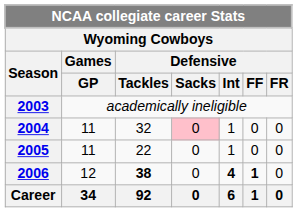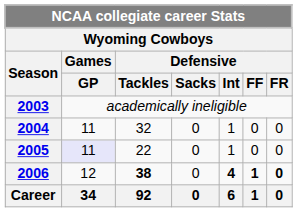 <table class="wikitable" style="text-align:center;">
 <tr>
 <th colspan="14" style="background: grey; border: 2px solid silver; color:white;">NCAA collegiate career Stats</th>
 </tr>
 <tr>
 <th colspan="14">Wyoming Cowboys</th>
 </tr>
 <tr>
 <th rowspan="2">Season</th>
 <th colspan="1">Games</th>
 <th colspan="5">Defensive</th>
 </tr>
 <tr>
 <th>GP</th>
 <th>Tackles</th>
 <th>Sacks</th>
 <th>Int</th>
 <th>FF</th>
 <th>FR</th>
 </tr>
 <tr>
 <th><a href='#'>2003</a></th>
 <td colspan="6"><em>academically ineligible</em></td>
 </tr>
 <tr>
 <th><a href='#'>2004</a></th>
 <td>11</td>
 <td>32</td>
-<td style="background: pink;">0</td>
+<td>0</td>
 <td>1</td>
 <td>0</td>
 <td>0</td>
 </tr>
 <tr>
 <th><a href='#'>2005</a></th>
-<td>11</td>
+<td style="background: lavender;">11</td>
 <td>22</td>
 <td>0</td>
 <td>1</td>
 <td>0</td>
 <td>0</td>
 </tr>
 <tr>
 <th><a href='#'>2006</a></th>
 <td>12</td>
 <td><strong>38</strong></td>
 <td>0</td>
 <td><strong>4</strong></td>
 <td><strong>1</strong></td>
-<td>0</td>
+<td><strong>0</strong></td>
 </tr>
 <tr>
 <th>Career</th>
 <th>34</th>
 <th>92</th>
 <th>0</th>
 <th>6</th>
 <th>1</th>
 <th>0</th>
 </tr>
 </table>
